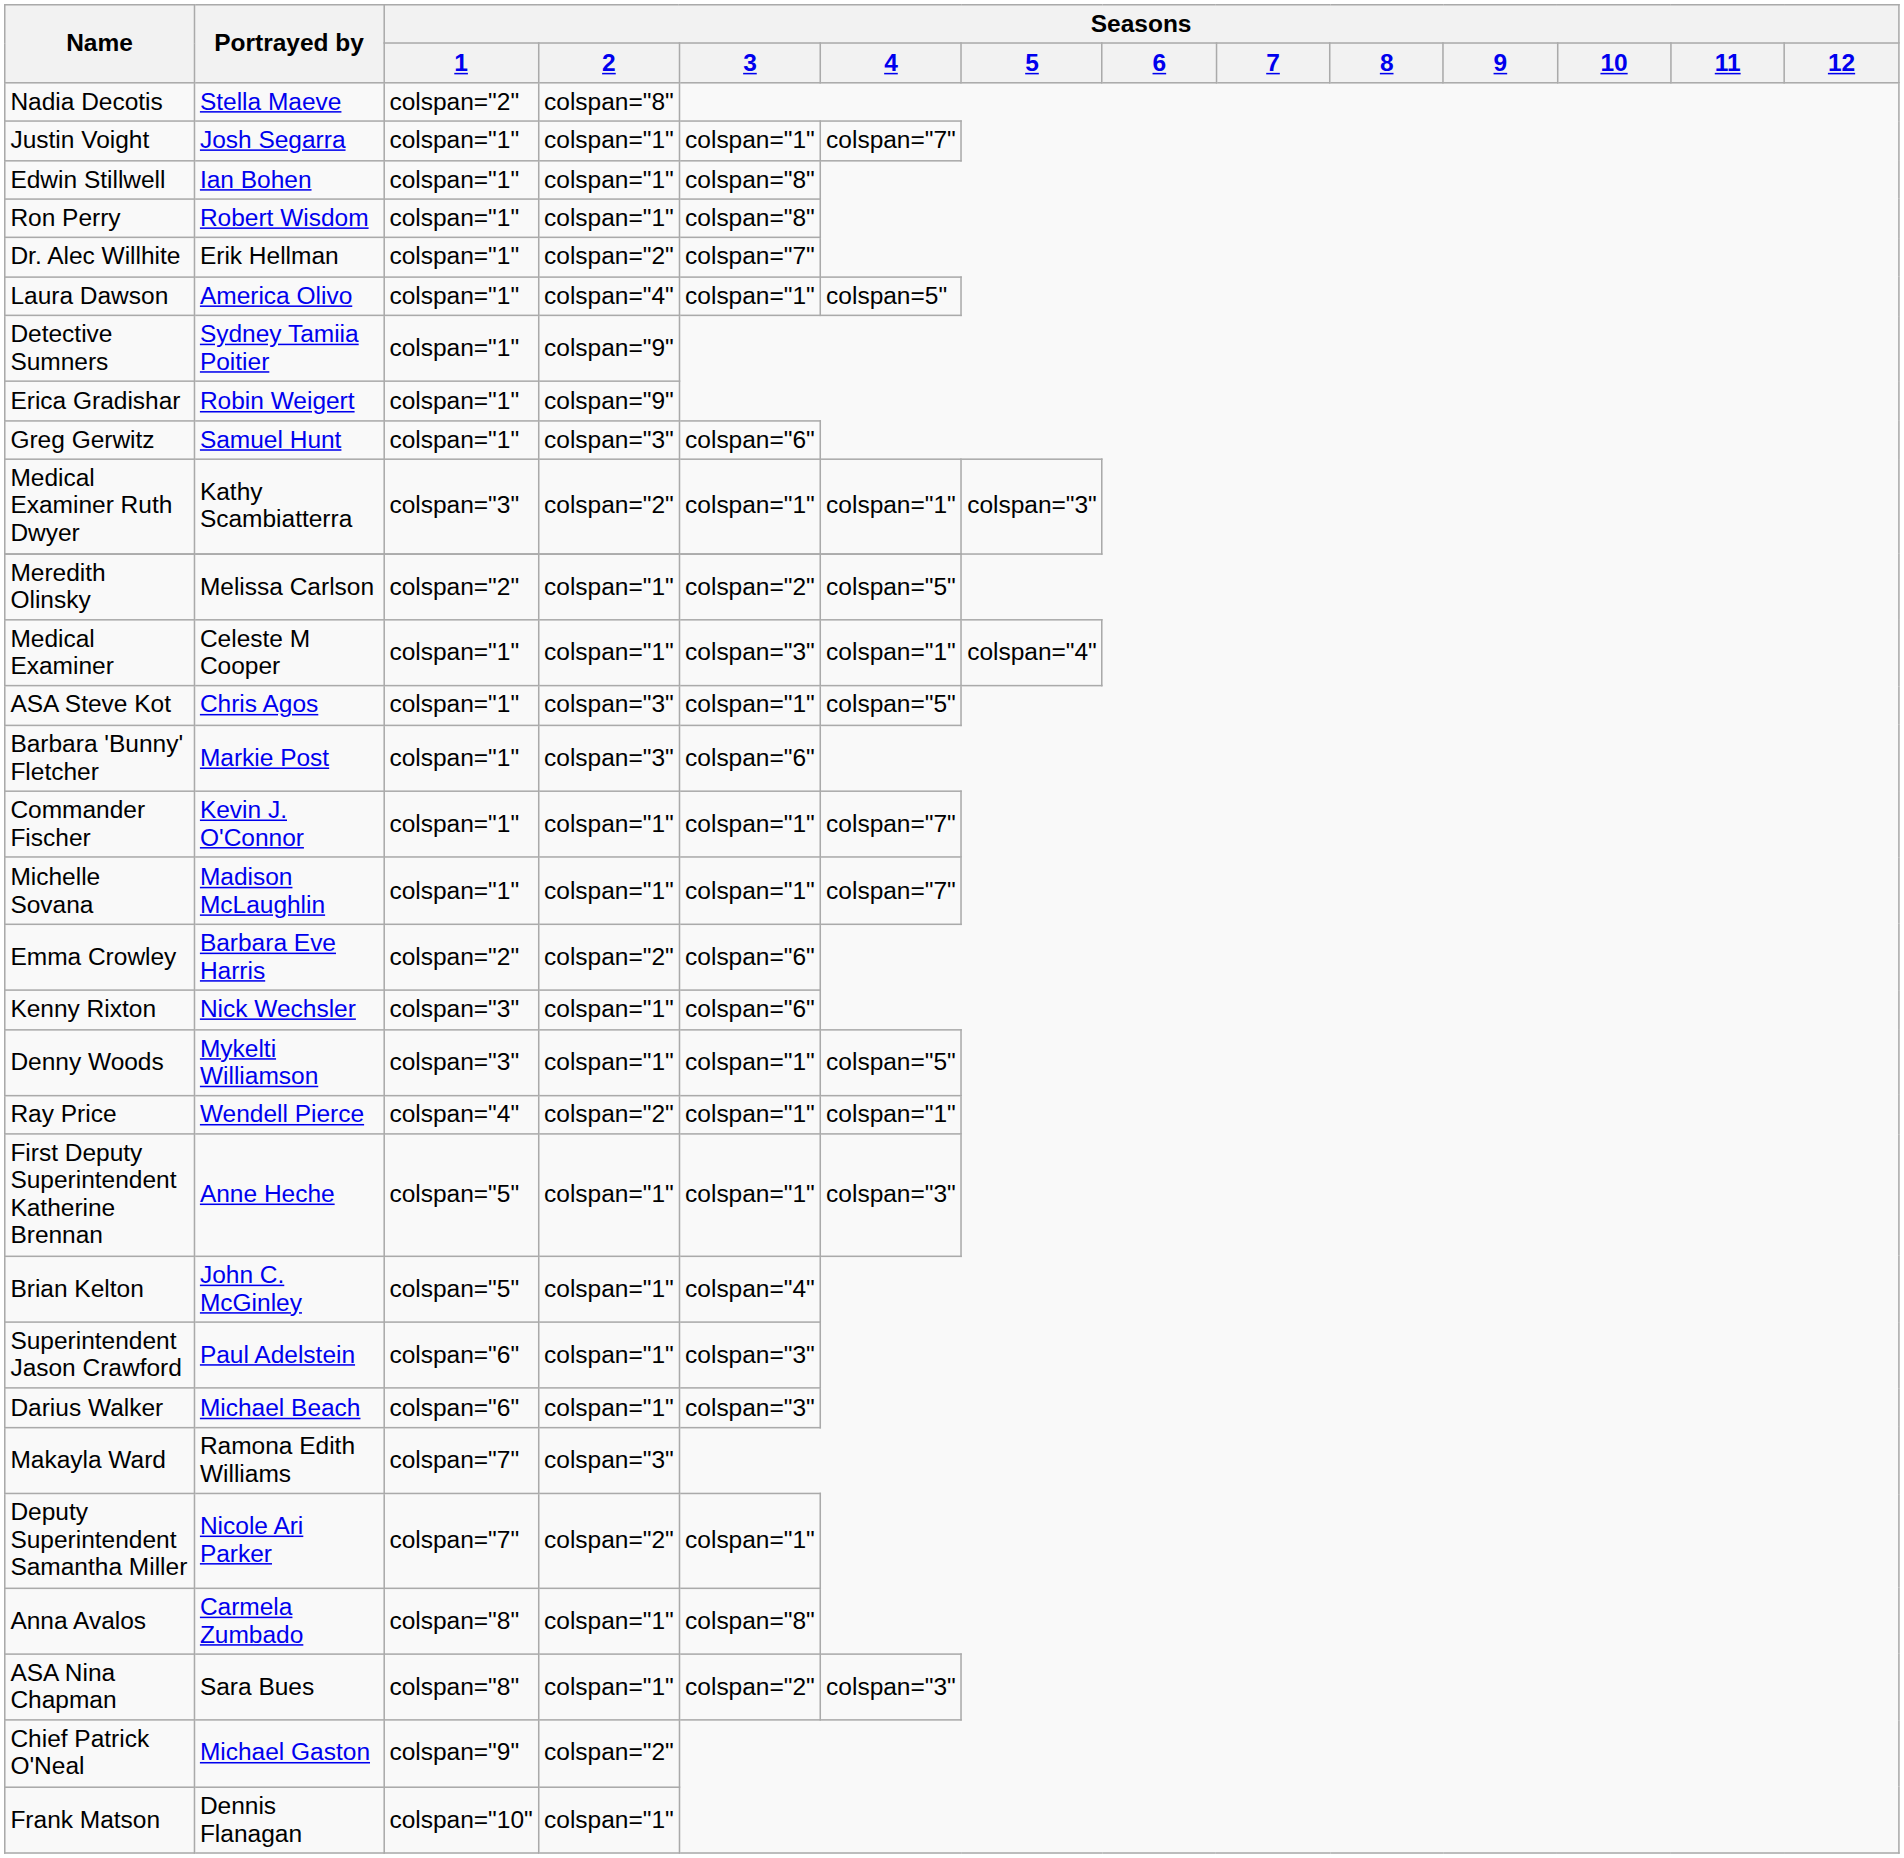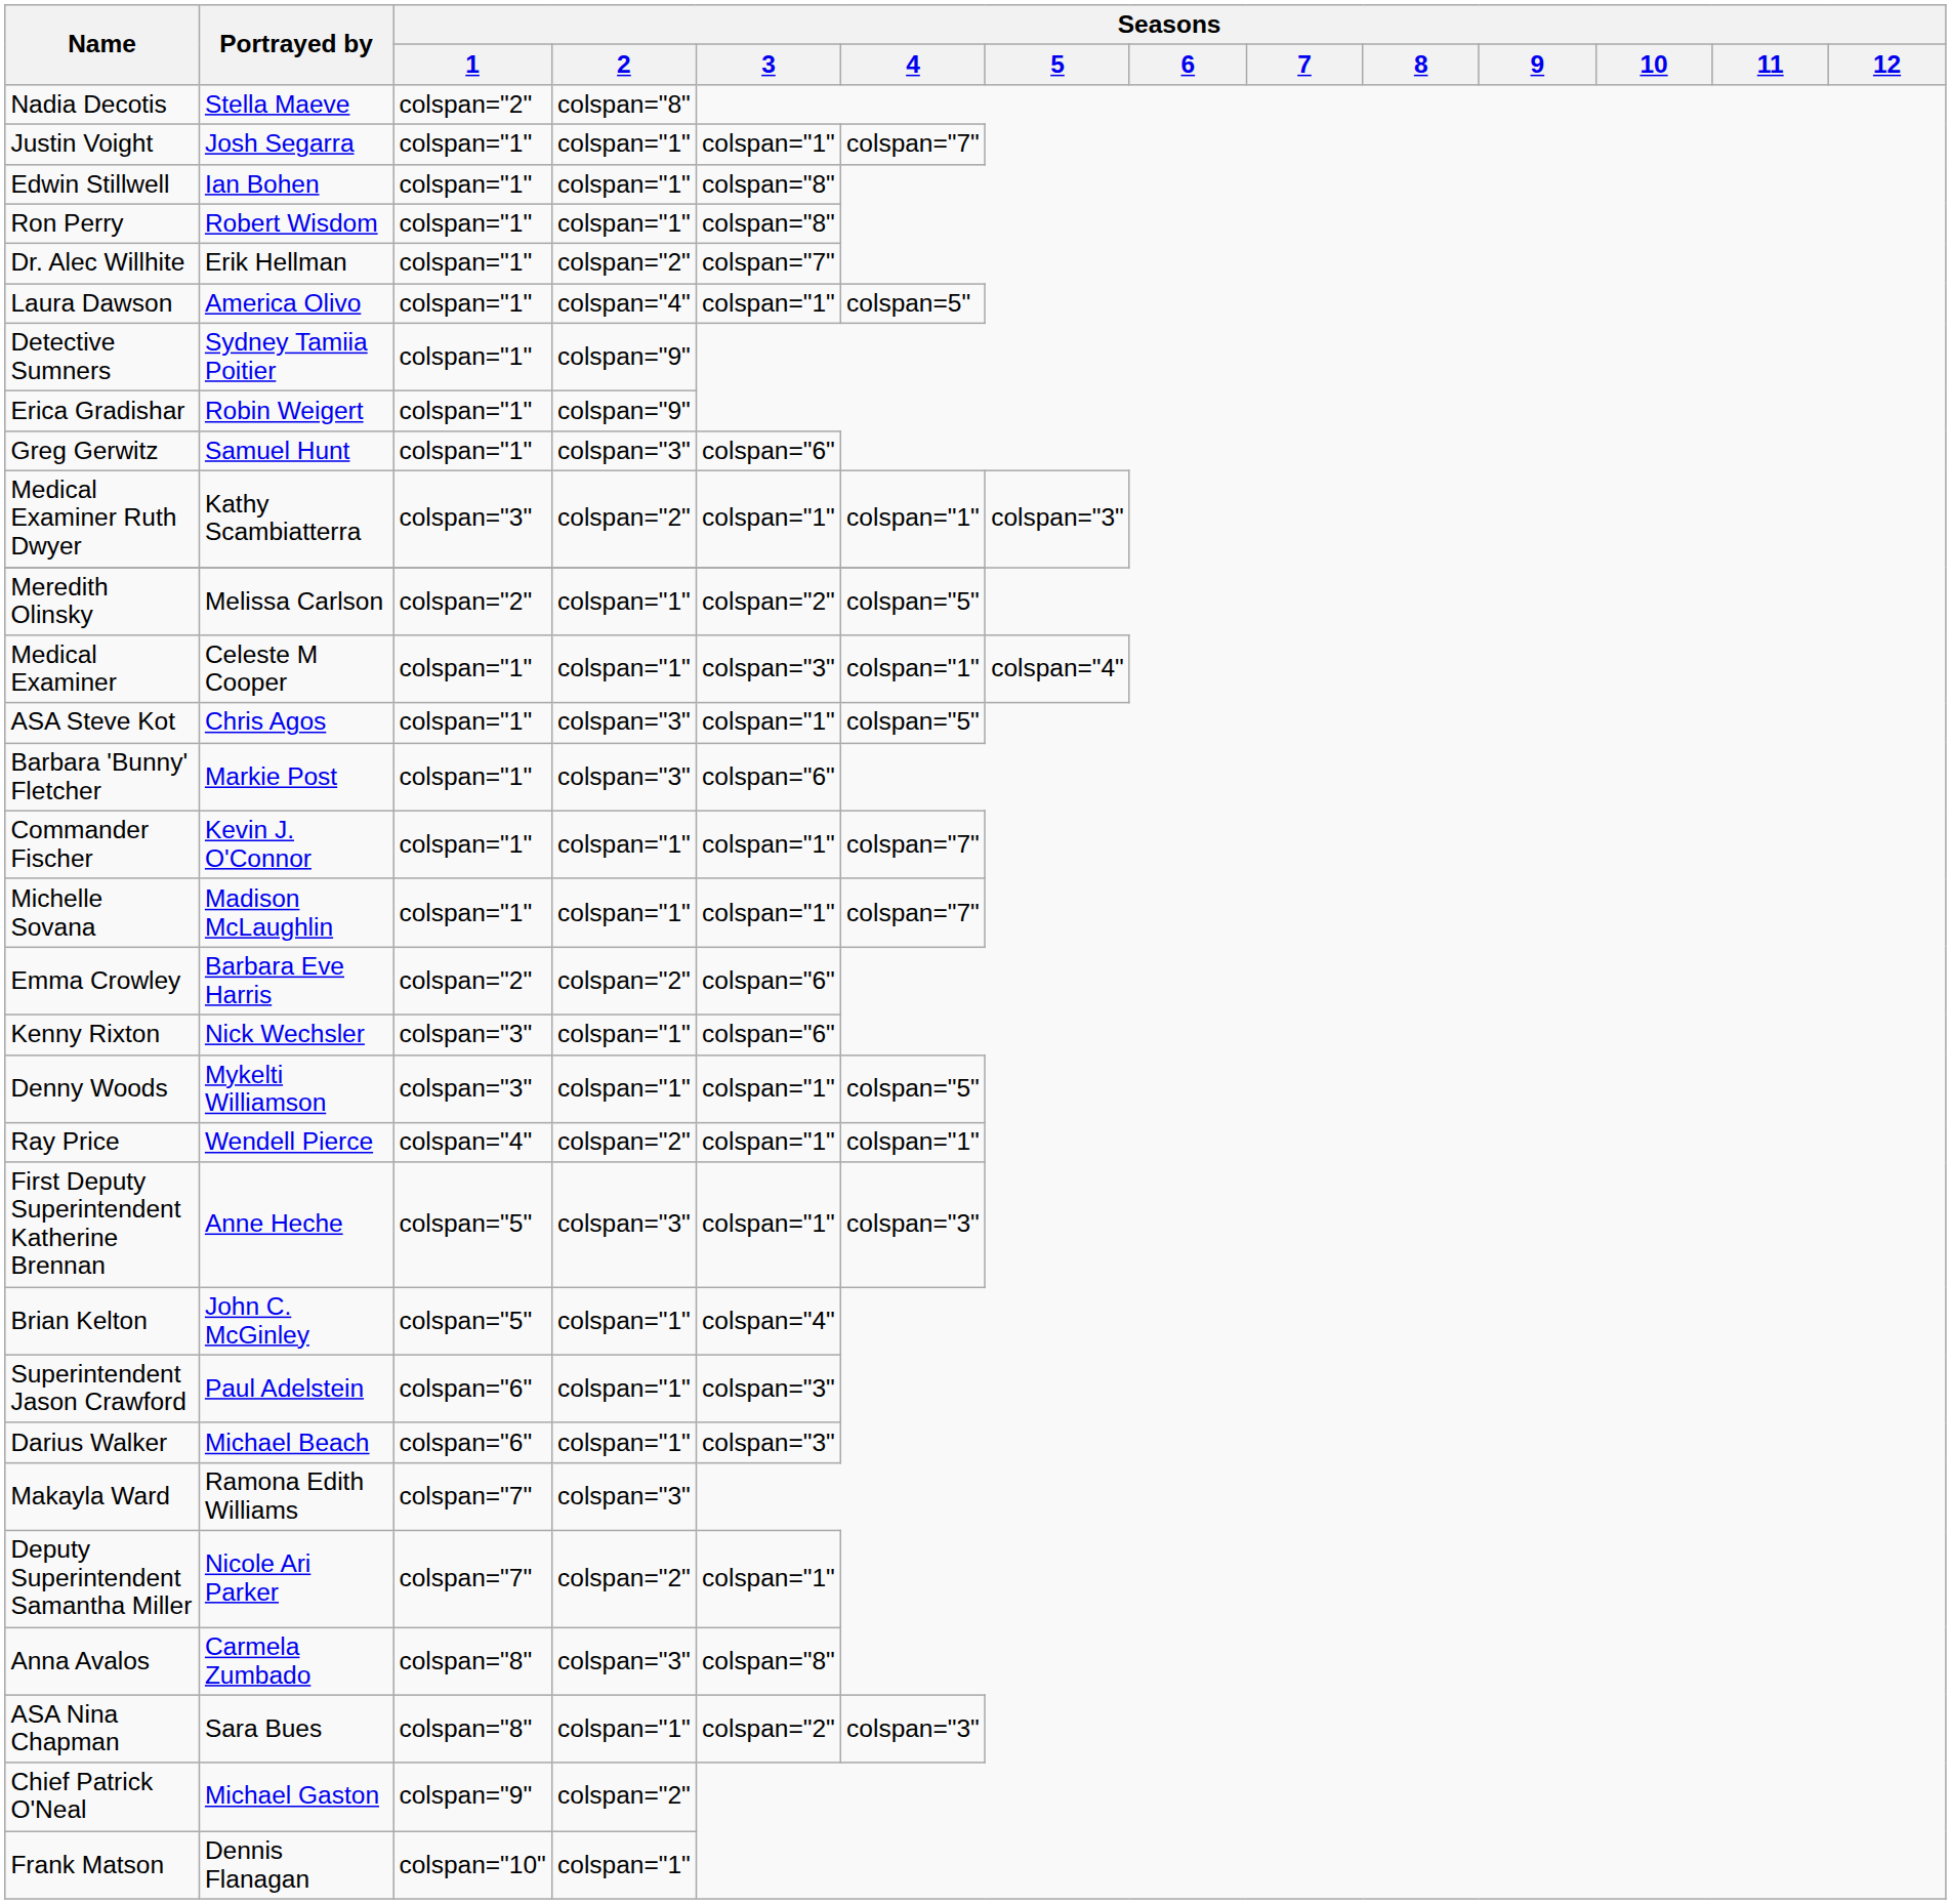 <table class="wikitable plainrowheaders" style="width:98%;">
 <tr>
 <th scope="col" style="width:10%;" rowspan="2">Name</th>
 <th scope="col" style="width:10%;" rowspan="2">Portrayed by</th>
 <th scope="col" style="width:40%;" colspan="12">Seasons</th>
 </tr>
 <tr>
 <th scope="col" style="width:6%;"><a href='#'>1</a></th>
 <th scope="col" style="width:6%;"><a href='#'>2</a></th>
 <th scope="col" style="width:6%;"><a href='#'>3</a></th>
 <th scope="col" style="width:6%;"><a href='#'>4</a></th>
 <th scope="col" style="width:6%;"><a href='#'>5</a></th>
 <th scope="col" style="width:6%;"><a href='#'>6</a></th>
 <th scope="col" style="width:6%;"><a href='#'>7</a></th>
 <th scope="col" style="width:6%;"><a href='#'>8</a></th>
 <th scope="col" style="width:6%;"><a href='#'>9</a></th>
 <th scope="col" style="width:6%;"><a href='#'>10</a></th>
 <th scope="col" style="width:6%;"><a href='#'>11</a></th>
 <th scope="col" style="width:6%;"><a href='#'>12</a></th>
 </tr>
 <tr>
 <td scope="row">Nadia Decotis</td>
 <td><a href='#'>Stella Maeve</a></td>
 <td>colspan="2" </td>
 <td>colspan="8" </td>
 </tr>
 <tr>
 <td scope="row">Justin Voight</td>
 <td><a href='#'>Josh Segarra</a></td>
 <td>colspan="1" </td>
 <td>colspan="1" </td>
 <td>colspan="1" </td>
 <td>colspan="7" </td>
 </tr>
 <tr>
 <td scope="row">Edwin Stillwell</td>
 <td><a href='#'>Ian Bohen</a></td>
 <td>colspan="1" </td>
 <td>colspan="1" </td>
 <td>colspan="8" </td>
 </tr>
 <tr>
 <td scope="row">Ron Perry</td>
 <td><a href='#'>Robert Wisdom</a></td>
 <td>colspan="1" </td>
 <td>colspan="1" </td>
 <td>colspan="8" </td>
 </tr>
 <tr>
 <td scope="row">Dr. Alec Willhite</td>
 <td>Erik Hellman</td>
 <td>colspan="1" </td>
 <td>colspan="2" </td>
 <td>colspan="7" </td>
 </tr>
 <tr>
 <td scope="row">Laura Dawson</td>
 <td><a href='#'>America Olivo</a></td>
 <td>colspan="1" </td>
 <td>colspan="4" </td>
 <td>colspan="1" </td>
 <td>colspan=5" </td>
 </tr>
 <tr>
 <td scope="row">Detective Sumners</td>
 <td><a href='#'>Sydney Tamiia Poitier</a></td>
 <td>colspan="1" </td>
 <td>colspan="9" </td>
 </tr>
 <tr>
 <td scope="row">Erica Gradishar</td>
 <td><a href='#'>Robin Weigert</a></td>
 <td>colspan="1" </td>
 <td>colspan="9" </td>
 </tr>
 <tr>
 <td scope="row">Greg Gerwitz</td>
 <td><a href='#'>Samuel Hunt</a></td>
 <td>colspan="1" </td>
 <td>colspan="3" </td>
 <td>colspan="6" </td>
 </tr>
 <tr>
 <td scope="row">Medical Examiner Ruth Dwyer</td>
 <td>Kathy Scambiatterra</td>
 <td>colspan="3" </td>
 <td>colspan="2" </td>
 <td>colspan="1" </td>
 <td>colspan="1" </td>
 <td>colspan="3" </td>
 </tr>
 <tr>
 </tr>
 <tr>
 <td scope="row">Meredith Olinsky</td>
 <td>Melissa Carlson</td>
 <td>colspan="2" </td>
 <td>colspan="1" </td>
 <td>colspan="2" </td>
 <td>colspan="5" </td>
 </tr>
 <tr>
 <td scope="row">Medical Examiner</td>
 <td>Celeste M Cooper</td>
 <td>colspan="1" </td>
 <td>colspan="1" </td>
 <td>colspan="3" </td>
 <td>colspan="1" </td>
 <td>colspan="4" </td>
 </tr>
 <tr>
 <td scope="row">ASA Steve Kot</td>
 <td><a href='#'>Chris Agos</a></td>
 <td>colspan="1" </td>
 <td>colspan="3" </td>
 <td>colspan="1" </td>
 <td>colspan="5" </td>
 </tr>
 <tr>
 <td scope="row">Barbara 'Bunny' Fletcher</td>
 <td><a href='#'>Markie Post</a></td>
 <td>colspan="1" </td>
 <td>colspan="3" </td>
 <td>colspan="6" </td>
 </tr>
 <tr>
 <td scope="row">Commander Fischer</td>
 <td><a href='#'>Kevin J. O'Connor</a></td>
 <td>colspan="1" </td>
 <td>colspan="1" </td>
 <td>colspan="1" </td>
 <td>colspan="7" </td>
 </tr>
 <tr>
 <td scope="row">Michelle Sovana</td>
 <td><a href='#'>Madison McLaughlin</a></td>
 <td>colspan="1" </td>
 <td>colspan="1" </td>
 <td>colspan="1" </td>
 <td>colspan="7"</td>
 </tr>
 <tr>
 <td scope="row">Emma Crowley</td>
 <td><a href='#'>Barbara Eve Harris</a></td>
 <td>colspan="2" </td>
 <td>colspan="2" </td>
 <td>colspan="6" </td>
 </tr>
 <tr>
 <td scope="row">Kenny Rixton</td>
 <td><a href='#'>Nick Wechsler</a></td>
 <td>colspan="3" </td>
 <td>colspan="1" </td>
 <td>colspan="6" </td>
 </tr>
 <tr>
 <td scope="row">Denny Woods</td>
 <td><a href='#'>Mykelti Williamson</a></td>
 <td>colspan="3" </td>
 <td>colspan="1" </td>
 <td>colspan="1" </td>
 <td>colspan="5" </td>
 </tr>
 <tr>
 <td scope="row">Ray Price</td>
 <td><a href='#'>Wendell Pierce</a></td>
 <td>colspan="4" </td>
 <td>colspan="2" </td>
 <td>colspan="1" </td>
 <td>colspan="1" </td>
 </tr>
 <tr>
 <td scope="row">First Deputy Superintendent Katherine Brennan</td>
 <td><a href='#'>Anne Heche</a></td>
 <td>colspan="5" </td>
-<td>colspan="1" </td>
+<td>colspan="3" </td>
 <td>colspan="1" </td>
 <td>colspan="3" </td>
 </tr>
 <tr>
 <td scope="row">Brian Kelton</td>
 <td><a href='#'>John C. McGinley</a></td>
 <td>colspan="5" </td>
 <td>colspan="1" </td>
 <td>colspan="4" </td>
 </tr>
 <tr>
 <td scope="row">Superintendent Jason Crawford</td>
 <td><a href='#'>Paul Adelstein</a></td>
 <td>colspan="6" </td>
 <td>colspan="1" </td>
 <td>colspan="3" </td>
 </tr>
 <tr>
 <td scope="row">Darius Walker</td>
 <td><a href='#'>Michael Beach</a></td>
 <td>colspan="6" </td>
 <td>colspan="1" </td>
 <td>colspan="3" </td>
 </tr>
 <tr>
 <td scope="row">Makayla Ward</td>
 <td>Ramona Edith Williams</td>
 <td>colspan="7" </td>
 <td>colspan="3" </td>
 </tr>
 <tr>
 <td scope="row">Deputy Superintendent Samantha Miller</td>
 <td><a href='#'>Nicole Ari Parker</a></td>
 <td>colspan="7" </td>
 <td>colspan="2" </td>
 <td>colspan="1" </td>
 </tr>
 <tr>
 <td scope="row">Anna Avalos</td>
 <td><a href='#'>Carmela Zumbado</a></td>
 <td>colspan="8" </td>
-<td>colspan="1" </td>
+<td>colspan="3" </td>
 <td>colspan="8" </td>
 </tr>
 <tr>
 <td scope="row">ASA Nina Chapman</td>
 <td>Sara Bues</td>
 <td>colspan="8" </td>
 <td>colspan="1" </td>
 <td>colspan="2" </td>
 <td>colspan="3" </td>
 </tr>
 <tr>
 <td scope="row">Chief Patrick O'Neal</td>
 <td><a href='#'>Michael Gaston</a></td>
 <td>colspan="9" </td>
 <td>colspan="2" </td>
 </tr>
 <tr>
 <td scope="row">Frank Matson</td>
 <td>Dennis Flanagan</td>
 <td>colspan="10" </td>
 <td>colspan="1" </td>
 </tr>
 </table>
